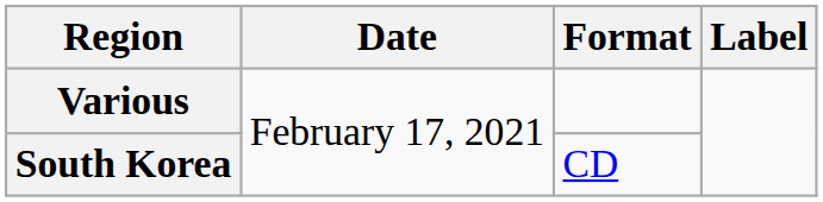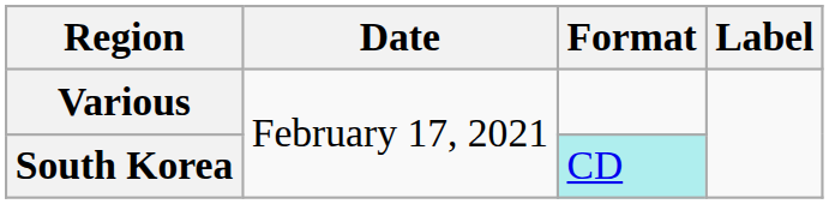 <table class="wikitable plainrowheaders">
 <tr>
 <th>Region</th>
 <th>Date</th>
 <th>Format</th>
 <th>Label</th>
 </tr>
 <tr>
 <th scope="row">Various</th>
 <td rowspan="2">February 17, 2021</td>
 <td></td>
 <td rowspan="2"></td>
 </tr>
 <tr>
 <th scope="row">South Korea</th>
-<td><a href='#'>CD</a></td>
+<td style="background: paleturquoise;"><a href='#'>CD</a></td>
 </tr>
 </table>
